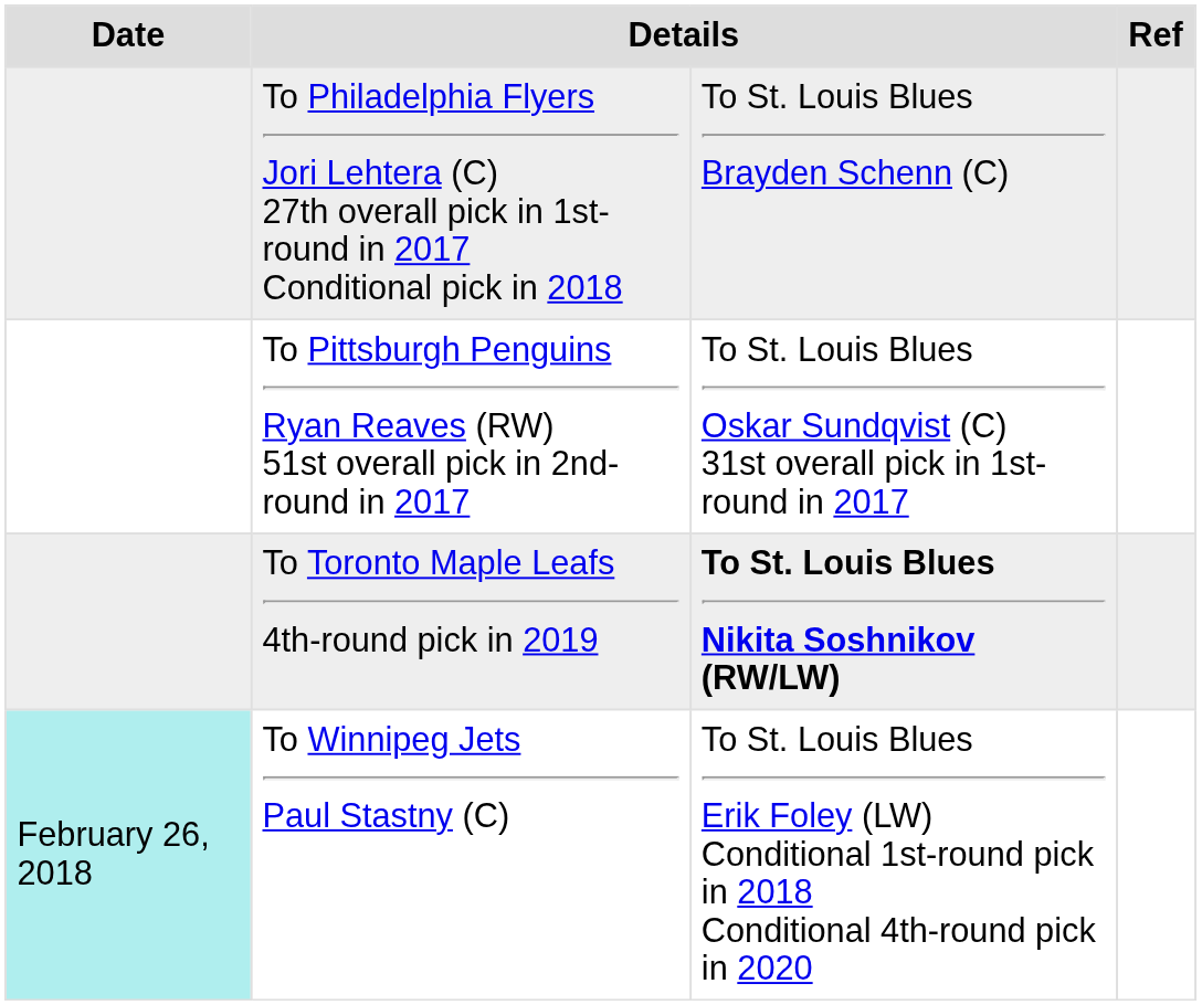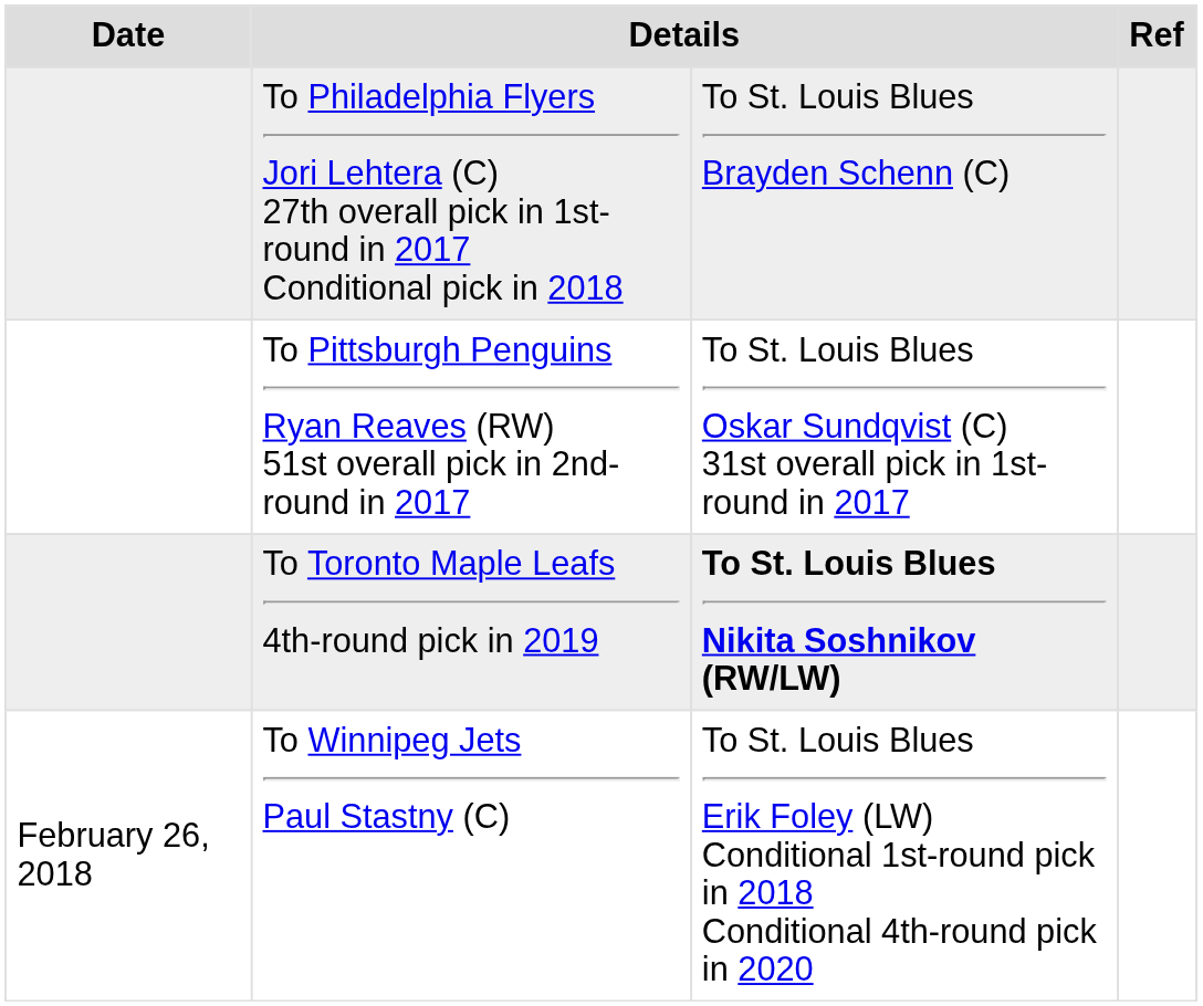 <table border=1 style="border-collapse:collapse" bordercolor="#DFDFDF" cellpadding="5" width=90%>
 <tr style="background:#ddd;">
 <th>Date</th>
 <th colspan="2">Details</th>
 <th>Ref</th>
 </tr>
 <tr style="background:#eee;">
 <td></td>
 <td valign="top">To <a href='#'>Philadelphia Flyers</a><hr><a href='#'>Jori Lehtera</a> (C)<br>27th overall pick in 1st-round in <a href='#'>2017</a><br>Conditional pick in <a href='#'>2018</a></td>
 <td valign="top">To St. Louis Blues <hr><a href='#'>Brayden Schenn</a> (C)</td>
 <td></td>
 </tr>
 <tr>
 <td></td>
 <td valign="top">To <a href='#'>Pittsburgh Penguins</a><hr><a href='#'>Ryan Reaves</a> (RW)<br>51st overall pick in 2nd-round in <a href='#'>2017</a></td>
 <td valign="top">To St. Louis Blues <hr><a href='#'>Oskar Sundqvist</a> (C)<br>31st overall pick in 1st-round in <a href='#'>2017</a></td>
 <td></td>
 </tr>
 <tr style="background:#eee;">
 <td></td>
 <td valign="top">To <a href='#'>Toronto Maple Leafs</a><hr>4th-round pick in <a href='#'>2019</a></td>
 <td valign="top"><strong>To St. Louis Blues <hr><a href='#'>Nikita Soshnikov</a> (RW/LW)</strong></td>
 <td></td>
 </tr>
 <tr>
-<td style="background: paleturquoise;">February 26, 2018</td>
+<td>February 26, 2018</td>
 <td valign="top">To <a href='#'>Winnipeg Jets</a><hr><a href='#'>Paul Stastny</a> (C)</td>
 <td valign="top">To St. Louis Blues<hr><a href='#'>Erik Foley</a> (LW)<br>Conditional 1st-round pick in <a href='#'>2018</a><br>Conditional 4th-round pick in <a href='#'>2020</a></td>
 <td></td>
 </tr>
 </table>
